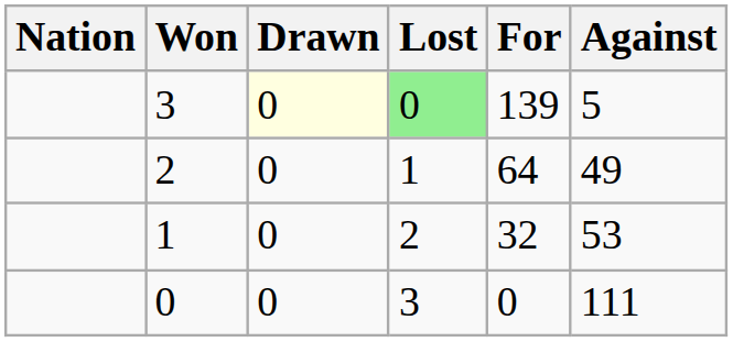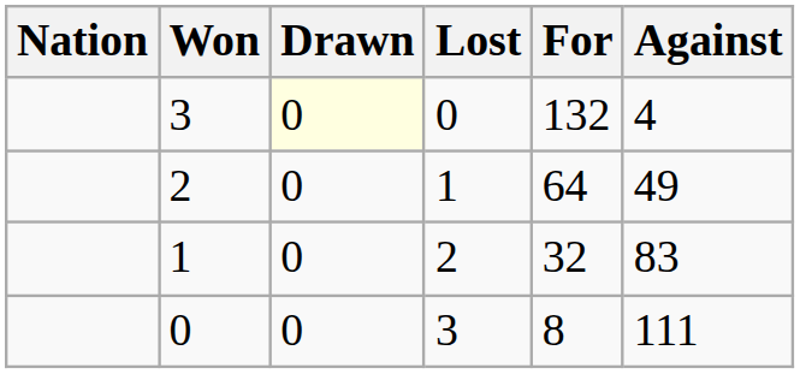 <table class="wikitable">
 <tr>
 <th>Nation</th>
 <th>Won</th>
 <th>Drawn</th>
 <th>Lost</th>
 <th>For</th>
 <th>Against</th>
 </tr>
 <tr>
 <td></td>
 <td>3</td>
 <td style="background: lightyellow;">0</td>
-<td style="background: lightgreen;">0</td>
-<td>139</td>
-<td>5</td>
+<td>0</td>
+<td>132</td>
+<td>4</td>
 </tr>
 <tr>
 <td></td>
 <td>2</td>
 <td>0</td>
 <td>1</td>
 <td>64</td>
 <td>49</td>
 </tr>
 <tr>
 <td></td>
 <td>1</td>
 <td>0</td>
 <td>2</td>
 <td>32</td>
-<td>53</td>
+<td>83</td>
 </tr>
 <tr>
 <td></td>
 <td>0</td>
 <td>0</td>
 <td>3</td>
-<td>0</td>
+<td>8</td>
 <td>111</td>
 </tr>
 </table>
